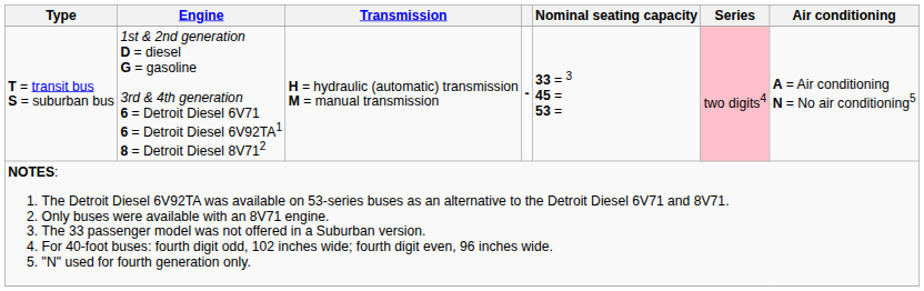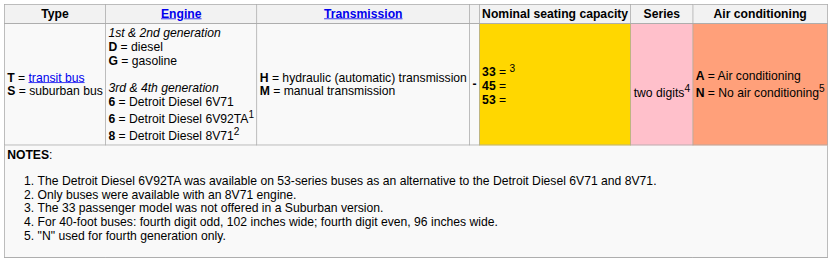 <table class="wikitable">
 <tr>
 <th>Type</th>
 <th><a href='#'>Engine</a></th>
 <th><a href='#'>Transmission</a></th>
 <th></th>
 <th>Nominal seating capacity</th>
 <th>Series</th>
 <th>Air conditioning</th>
 </tr>
 <tr>
 </tr>
 <tr>
 <td nowrap><strong>T</strong> = <a href='#'>transit bus</a><br><strong>S</strong> = suburban bus</td>
 <td nowrap><em>1st & 2nd generation</em><br><strong>D</strong> = diesel<br><strong>G</strong> = gasoline<br><br><em>3rd & 4th generation</em><br><strong>6</strong> = Detroit Diesel 6V71<br><strong>6</strong> = Detroit Diesel 6V92TA<sup>1</sup><br><strong>8</strong> = Detroit Diesel 8V71<sup>2</sup></td>
 <td><strong>H</strong> = hydraulic (automatic) transmission<br><strong>M</strong> = manual transmission</td>
 <td><strong> - </strong></td>
-<td nowrap><strong>33</strong> = <sup>3</sup><br><strong>45</strong> = <br><strong>53</strong> = </td>
+<td nowrap style="background: gold;"><strong>33</strong> = <sup>3</sup><br><strong>45</strong> = <br><strong>53</strong> = </td>
 <td nowrap style="background: pink;"><br>two digits<sup>4</sup></td>
-<td nowrap><strong>A</strong> = Air conditioning<br><strong>N</strong> = No air conditioning<sup>5</sup></td>
+<td nowrap style="background: lightsalmon;"><strong>A</strong> = Air conditioning<br><strong>N</strong> = No air conditioning<sup>5</sup></td>
 </tr>
 <tr>
 <td colspan=7><strong>NOTES</strong>:<br><ol><li>The Detroit Diesel 6V92TA was available on 53-series buses as an alternative to the Detroit Diesel 6V71 and 8V71.</li><li>Only  buses were available with an 8V71 engine.</li><li>The 33 passenger model was not offered in a Suburban version.</li><li>For 40-foot buses: fourth digit odd, 102 inches wide; fourth digit even, 96 inches wide.</li><li>"N" used for fourth generation only.</li></ol></td>
 </tr>
 <tr>
 </tr>
 </table>
